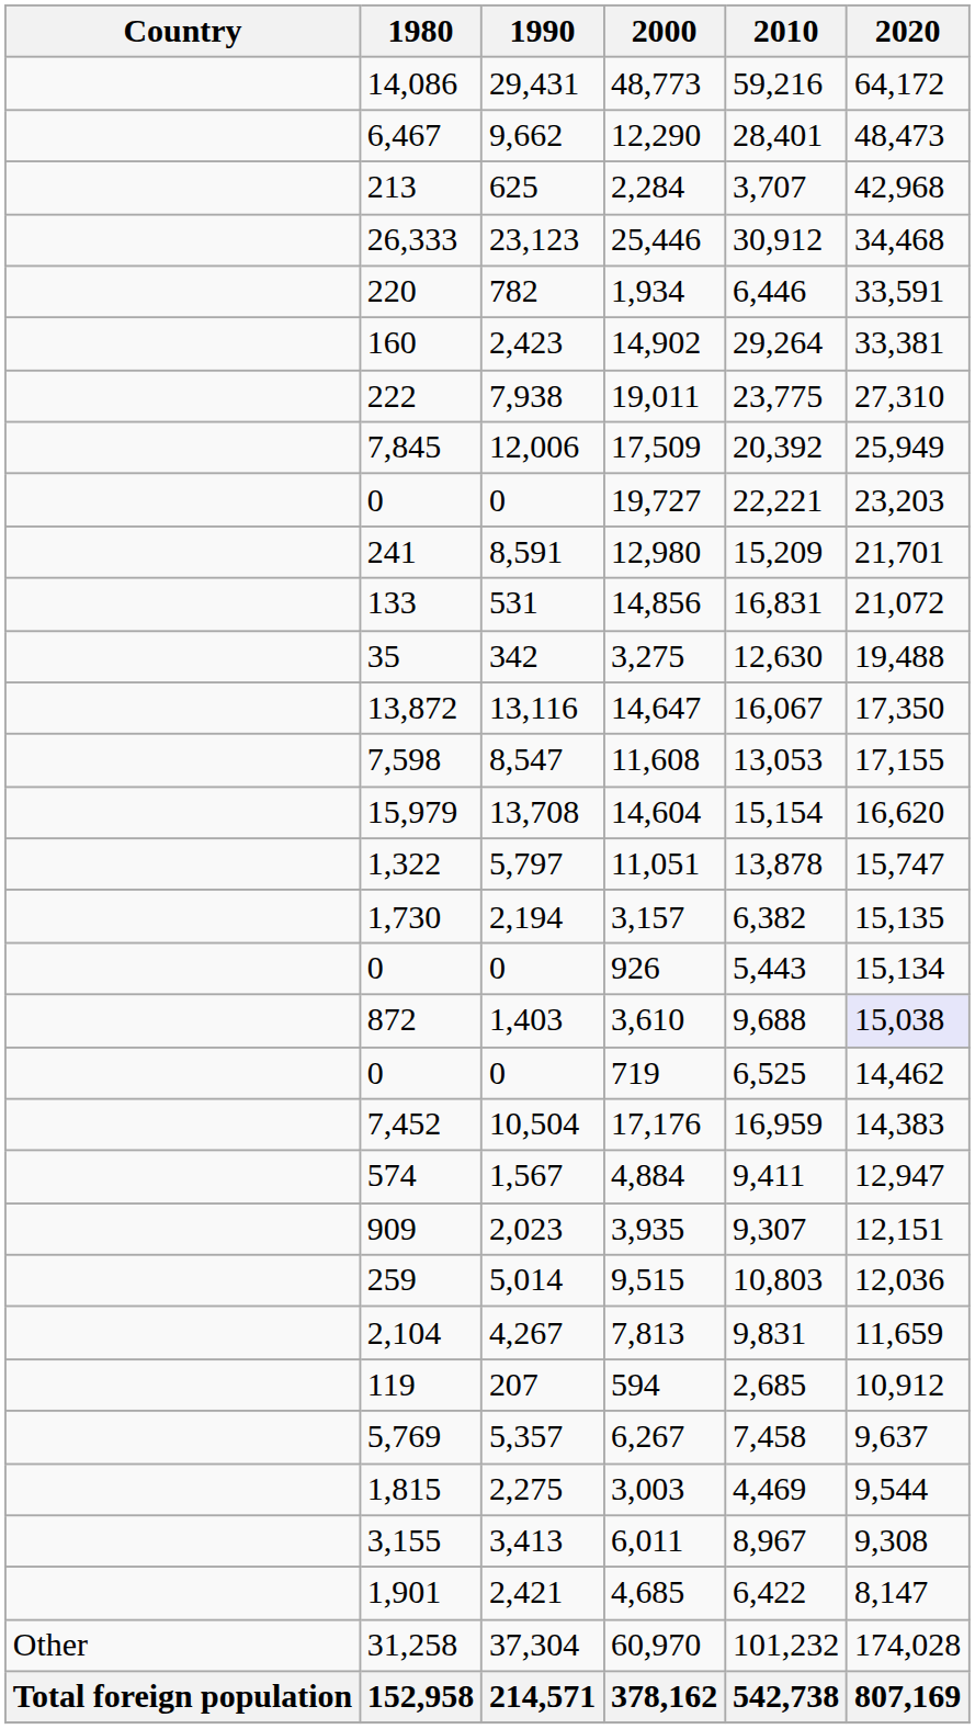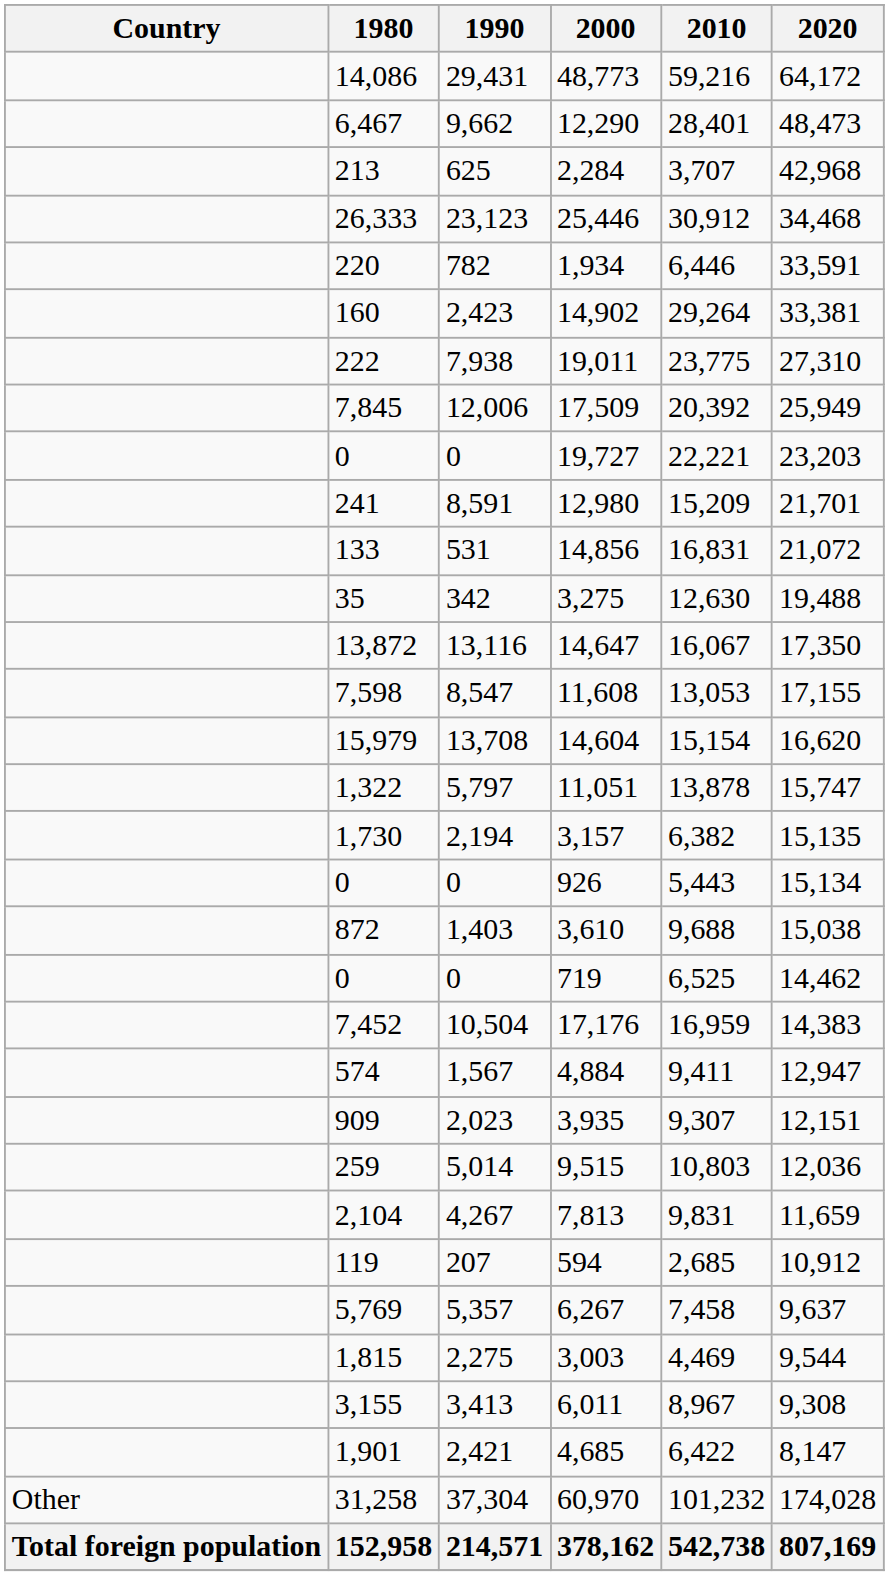 <table class="wikitable sortable" border="1">
 <tr>
 <th scope="col">Country</th>
 <th>1980</th>
 <th>1990</th>
 <th>2000</th>
 <th>2010</th>
 <th>2020</th>
 </tr>
 <tr>
 <td></td>
 <td>14,086</td>
 <td>29,431</td>
 <td>48,773</td>
 <td>59,216</td>
 <td>64,172</td>
 </tr>
 <tr>
 <td></td>
 <td>6,467</td>
 <td>9,662</td>
 <td>12,290</td>
 <td>28,401</td>
 <td>48,473</td>
 </tr>
 <tr>
 <td></td>
 <td>213</td>
 <td>625</td>
 <td>2,284</td>
 <td>3,707</td>
 <td>42,968</td>
 </tr>
 <tr>
 <td></td>
 <td>26,333</td>
 <td>23,123</td>
 <td>25,446</td>
 <td>30,912</td>
 <td>34,468</td>
 </tr>
 <tr>
 <td></td>
 <td>220</td>
 <td>782</td>
 <td>1,934</td>
 <td>6,446</td>
 <td>33,591</td>
 </tr>
 <tr>
 <td></td>
 <td>160</td>
 <td>2,423</td>
 <td>14,902</td>
 <td>29,264</td>
 <td>33,381</td>
 </tr>
 <tr>
 <td></td>
 <td>222</td>
 <td>7,938</td>
 <td>19,011</td>
 <td>23,775</td>
 <td>27,310</td>
 </tr>
 <tr>
 <td></td>
 <td>7,845</td>
 <td>12,006</td>
 <td>17,509</td>
 <td>20,392</td>
 <td>25,949</td>
 </tr>
 <tr>
 <td></td>
 <td>0</td>
 <td>0</td>
 <td>19,727</td>
 <td>22,221</td>
 <td>23,203</td>
 </tr>
 <tr>
 <td></td>
 <td>241</td>
 <td>8,591</td>
 <td>12,980</td>
 <td>15,209</td>
 <td>21,701</td>
 </tr>
 <tr>
 <td></td>
 <td>133</td>
 <td>531</td>
 <td>14,856</td>
 <td>16,831</td>
 <td>21,072</td>
 </tr>
 <tr>
 <td></td>
 <td>35</td>
 <td>342</td>
 <td>3,275</td>
 <td>12,630</td>
 <td>19,488</td>
 </tr>
 <tr>
 <td></td>
 <td>13,872</td>
 <td>13,116</td>
 <td>14,647</td>
 <td>16,067</td>
 <td>17,350</td>
 </tr>
 <tr>
 <td></td>
 <td>7,598</td>
 <td>8,547</td>
 <td>11,608</td>
 <td>13,053</td>
 <td>17,155</td>
 </tr>
 <tr>
 <td></td>
 <td>15,979</td>
 <td>13,708</td>
 <td>14,604</td>
 <td>15,154</td>
 <td>16,620</td>
 </tr>
 <tr>
 <td></td>
 <td>1,322</td>
 <td>5,797</td>
 <td>11,051</td>
 <td>13,878</td>
 <td>15,747</td>
 </tr>
 <tr>
 <td></td>
 <td>1,730</td>
 <td>2,194</td>
 <td>3,157</td>
 <td>6,382</td>
 <td>15,135</td>
 </tr>
 <tr>
 <td></td>
 <td>0</td>
 <td>0</td>
 <td>926</td>
 <td>5,443</td>
 <td>15,134</td>
 </tr>
 <tr>
 <td></td>
 <td>872</td>
 <td>1,403</td>
 <td>3,610</td>
 <td>9,688</td>
-<td style="background: lavender;">15,038</td>
+<td>15,038</td>
 </tr>
 <tr>
 <td></td>
 <td>0</td>
 <td>0</td>
 <td>719</td>
 <td>6,525</td>
 <td>14,462</td>
 </tr>
 <tr>
 <td></td>
 <td>7,452</td>
 <td>10,504</td>
 <td>17,176</td>
 <td>16,959</td>
 <td>14,383</td>
 </tr>
 <tr>
 <td></td>
 <td>574</td>
 <td>1,567</td>
 <td>4,884</td>
 <td>9,411</td>
 <td>12,947</td>
 </tr>
 <tr>
 <td></td>
 <td>909</td>
 <td>2,023</td>
 <td>3,935</td>
 <td>9,307</td>
 <td>12,151</td>
 </tr>
 <tr>
 <td></td>
 <td>259</td>
 <td>5,014</td>
 <td>9,515</td>
 <td>10,803</td>
 <td>12,036</td>
 </tr>
 <tr>
 <td></td>
 <td>2,104</td>
 <td>4,267</td>
 <td>7,813</td>
 <td>9,831</td>
 <td>11,659</td>
 </tr>
 <tr>
 <td></td>
 <td>119</td>
 <td>207</td>
 <td>594</td>
 <td>2,685</td>
 <td>10,912</td>
 </tr>
 <tr>
 <td></td>
 <td>5,769</td>
 <td>5,357</td>
 <td>6,267</td>
 <td>7,458</td>
 <td>9,637</td>
 </tr>
 <tr>
 <td></td>
 <td>1,815</td>
 <td>2,275</td>
 <td>3,003</td>
 <td>4,469</td>
 <td>9,544</td>
 </tr>
 <tr>
 <td></td>
 <td>3,155</td>
 <td>3,413</td>
 <td>6,011</td>
 <td>8,967</td>
 <td>9,308</td>
 </tr>
 <tr>
 <td></td>
 <td>1,901</td>
 <td>2,421</td>
 <td>4,685</td>
 <td>6,422</td>
 <td>8,147</td>
 </tr>
 <tr>
 <td>Other</td>
 <td>31,258</td>
 <td>37,304</td>
 <td>60,970</td>
 <td>101,232</td>
 <td>174,028</td>
 </tr>
 <tr>
 <th><strong>Total foreign population</strong></th>
 <th><strong>152,958</strong></th>
 <th><strong>214,571</strong></th>
 <th><strong>378,162</strong></th>
 <th><strong>542,738</strong></th>
 <th><strong>807,169</strong></th>
 </tr>
 <tr>
 </tr>
 </table>
